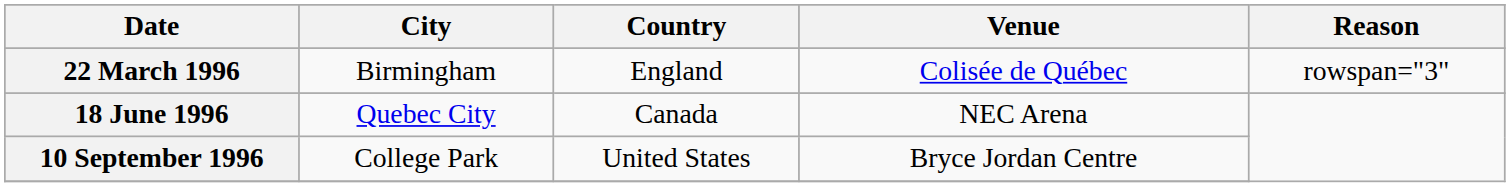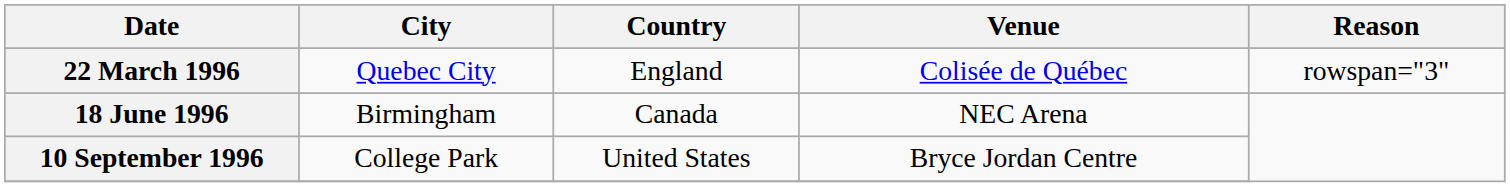 <table class="wikitable plainrowheaders" style="text-align:center;">
 <tr>
 <th scope="col" style="width:12em;">Date</th>
 <th scope="col" style="width:10em;">City</th>
 <th scope="col" style="width:10em;">Country</th>
 <th scope="col" style="width:20em;">Venue</th>
 <th scope="col" style="width:10em;">Reason</th>
 </tr>
 <tr>
 <th scope="row" style="text-align:center;">22 March 1996</th>
-<td>Birmingham</td>
+<td><a href='#'>Quebec City</a></td>
 <td>England</td>
 <td><a href='#'>Colisée de Québec</a></td>
 <td>rowspan="3" </td>
 </tr>
 <tr>
 <th scope="row" style="text-align:center;">18 June 1996</th>
-<td><a href='#'>Quebec City</a></td>
+<td>Birmingham</td>
 <td>Canada</td>
 <td>NEC Arena</td>
 </tr>
 <tr>
 <th scope="row" style="text-align:center;">10 September 1996</th>
 <td>College Park</td>
 <td>United States</td>
 <td>Bryce Jordan Centre</td>
 </tr>
 <tr>
 </tr>
 </table>
